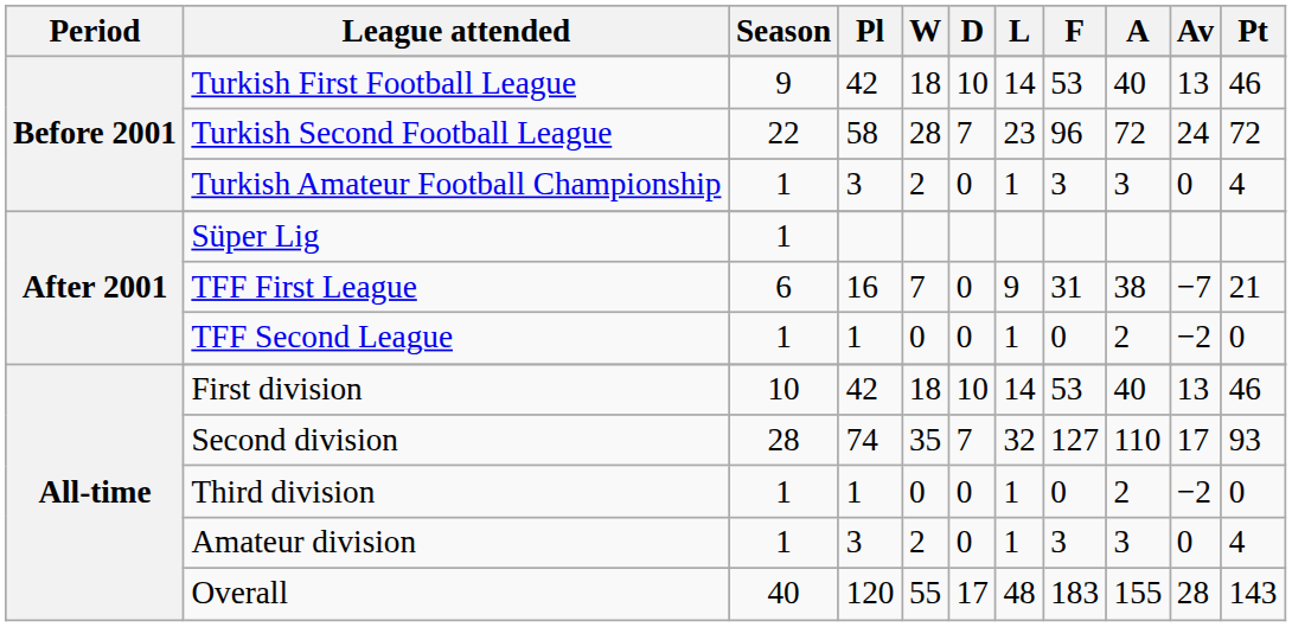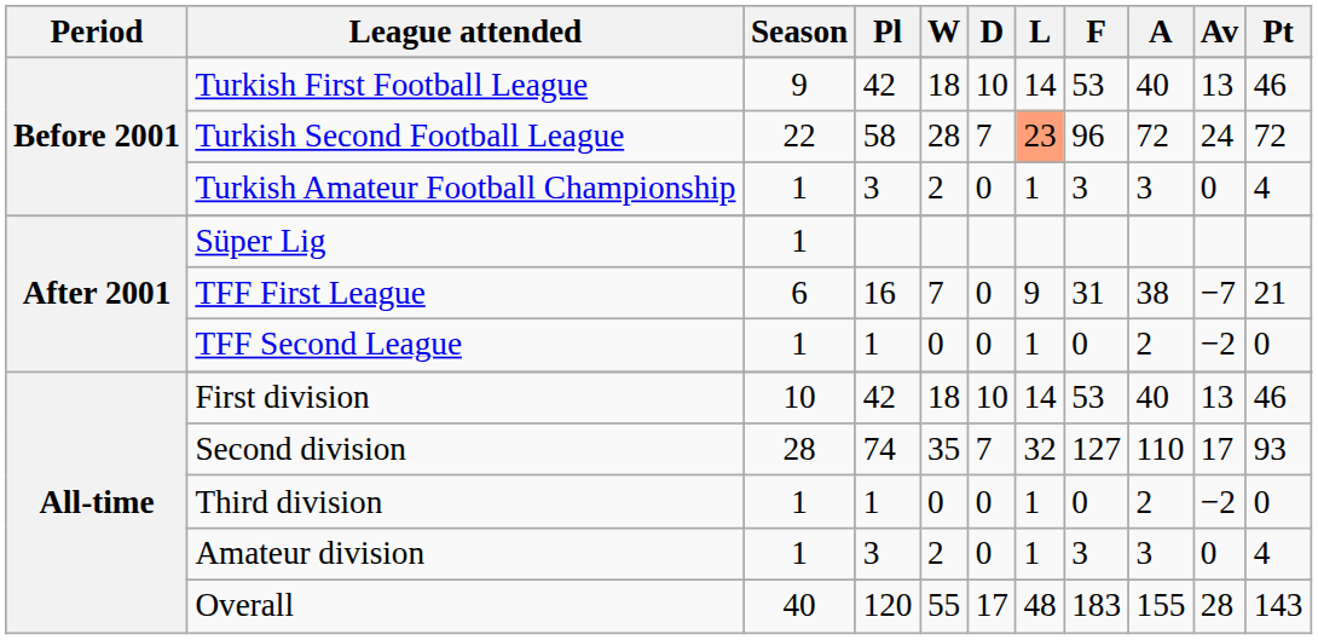 <table class="wikitable">
 <tr>
 <th>Period</th>
 <th>League attended</th>
 <th>Season</th>
 <th>Pl</th>
 <th>W</th>
 <th>D</th>
 <th>L</th>
 <th>F</th>
 <th>A</th>
 <th>Av</th>
 <th>Pt</th>
 </tr>
 <tr>
 <th rowspan=4>Before 2001</th>
 </tr>
 <tr>
 <td><a href='#'>Turkish First Football League</a></td>
 <td style="text-align:center">9</td>
 <td>42</td>
 <td>18</td>
 <td>10</td>
 <td>14</td>
 <td>53</td>
 <td>40</td>
 <td>13</td>
 <td>46</td>
 </tr>
 <tr>
 <td><a href='#'>Turkish Second Football League</a></td>
 <td style="text-align:center">22</td>
 <td>58</td>
 <td>28</td>
 <td>7</td>
-<td>23</td>
+<td style="background: lightsalmon;">23</td>
 <td>96</td>
 <td>72</td>
 <td>24</td>
 <td>72</td>
 </tr>
 <tr>
 <td><a href='#'>Turkish Amateur Football Championship</a></td>
 <td style="text-align:center">1</td>
 <td>3</td>
 <td>2</td>
 <td>0</td>
 <td>1</td>
 <td>3</td>
 <td>3</td>
 <td>0</td>
 <td>4</td>
 </tr>
 <tr>
 <th rowspan=4>After 2001</th>
 </tr>
 <tr>
 <td><a href='#'>Süper Lig</a></td>
 <td style="text-align:center">1</td>
 <td></td>
 <td></td>
 <td></td>
 <td></td>
 <td></td>
 <td></td>
 <td></td>
 <td></td>
 </tr>
 <tr>
 <td><a href='#'>TFF First League</a></td>
 <td style="text-align:center">6</td>
 <td>16</td>
 <td>7</td>
 <td>0</td>
 <td>9</td>
 <td>31</td>
 <td>38</td>
 <td>−7</td>
 <td>21</td>
 </tr>
 <tr>
 <td><a href='#'>TFF Second League</a></td>
 <td style="text-align:center">1</td>
 <td>1</td>
 <td>0</td>
 <td>0</td>
 <td>1</td>
 <td>0</td>
 <td>2</td>
 <td>−2</td>
 <td>0</td>
 </tr>
 <tr>
 <th rowspan=6>All-time</th>
 </tr>
 <tr>
 <td>First division</td>
 <td style="text-align:center">10</td>
 <td>42</td>
 <td>18</td>
 <td>10</td>
 <td>14</td>
 <td>53</td>
 <td>40</td>
 <td>13</td>
 <td>46</td>
 </tr>
 <tr>
 <td>Second division</td>
 <td style="text-align:center">28</td>
 <td>74</td>
 <td>35</td>
 <td>7</td>
 <td>32</td>
 <td>127</td>
 <td>110</td>
 <td>17</td>
 <td>93</td>
 </tr>
 <tr>
 <td>Third division</td>
 <td style="text-align:center">1</td>
 <td>1</td>
 <td>0</td>
 <td>0</td>
 <td>1</td>
 <td>0</td>
 <td>2</td>
 <td>−2</td>
 <td>0</td>
 </tr>
 <tr>
 <td>Amateur division</td>
 <td style="text-align:center">1</td>
 <td>3</td>
 <td>2</td>
 <td>0</td>
 <td>1</td>
 <td>3</td>
 <td>3</td>
 <td>0</td>
 <td>4</td>
 </tr>
 <tr>
 <td>Overall</td>
 <td style="text-align:center">40</td>
 <td>120</td>
 <td>55</td>
 <td>17</td>
 <td>48</td>
 <td>183</td>
 <td>155</td>
 <td>28</td>
 <td>143</td>
 </tr>
 </table>
